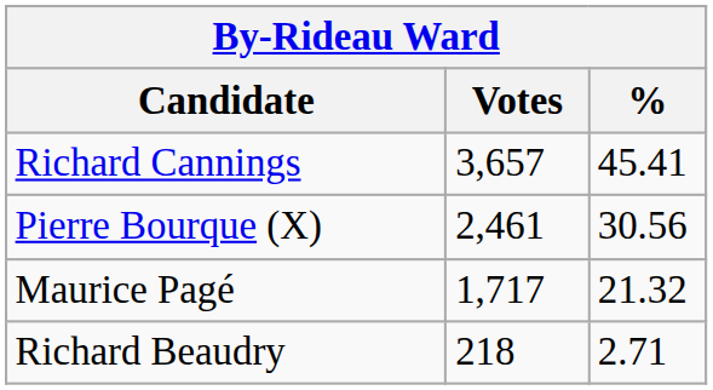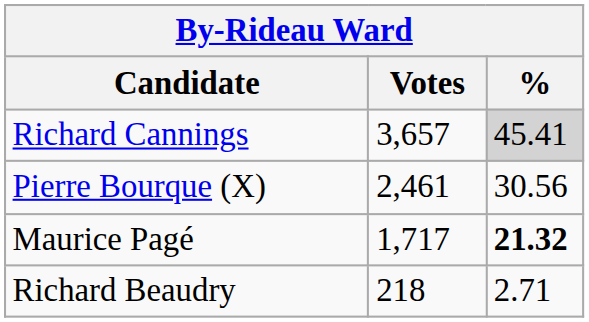 <table class="wikitable">
 <tr>
 <th colspan="3"><a href='#'>By-Rideau Ward</a></th>
 </tr>
 <tr>
 <th style="width: 170px">Candidate</th>
 <th style="width: 50px">Votes</th>
 <th style="width: 40px">%</th>
 </tr>
 <tr>
 <td><a href='#'>Richard Cannings</a></td>
 <td>3,657</td>
-<td>45.41</td>
+<td style="background: lightgrey;">45.41</td>
 </tr>
 <tr>
 <td><a href='#'>Pierre Bourque</a> (X)</td>
 <td>2,461</td>
 <td>30.56</td>
 </tr>
 <tr>
 <td>Maurice Pagé</td>
 <td>1,717</td>
-<td>21.32</td>
+<td><strong>21.32</strong></td>
 </tr>
 <tr>
 <td>Richard Beaudry</td>
 <td>218</td>
 <td>2.71</td>
 </tr>
 </table>
